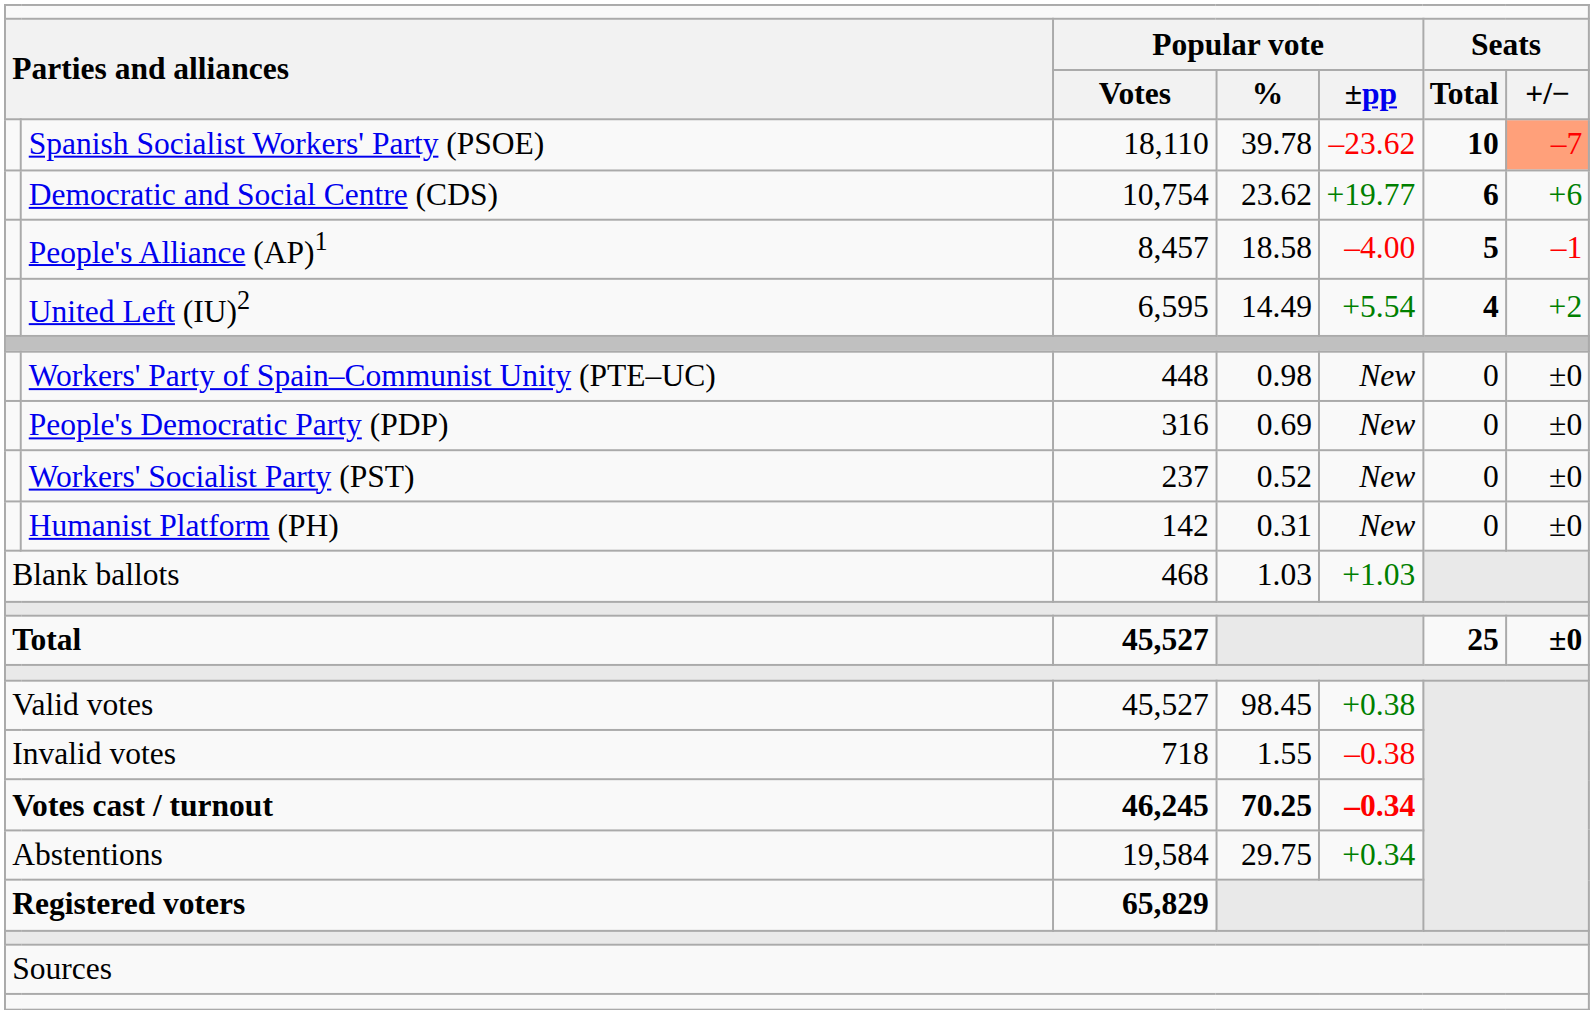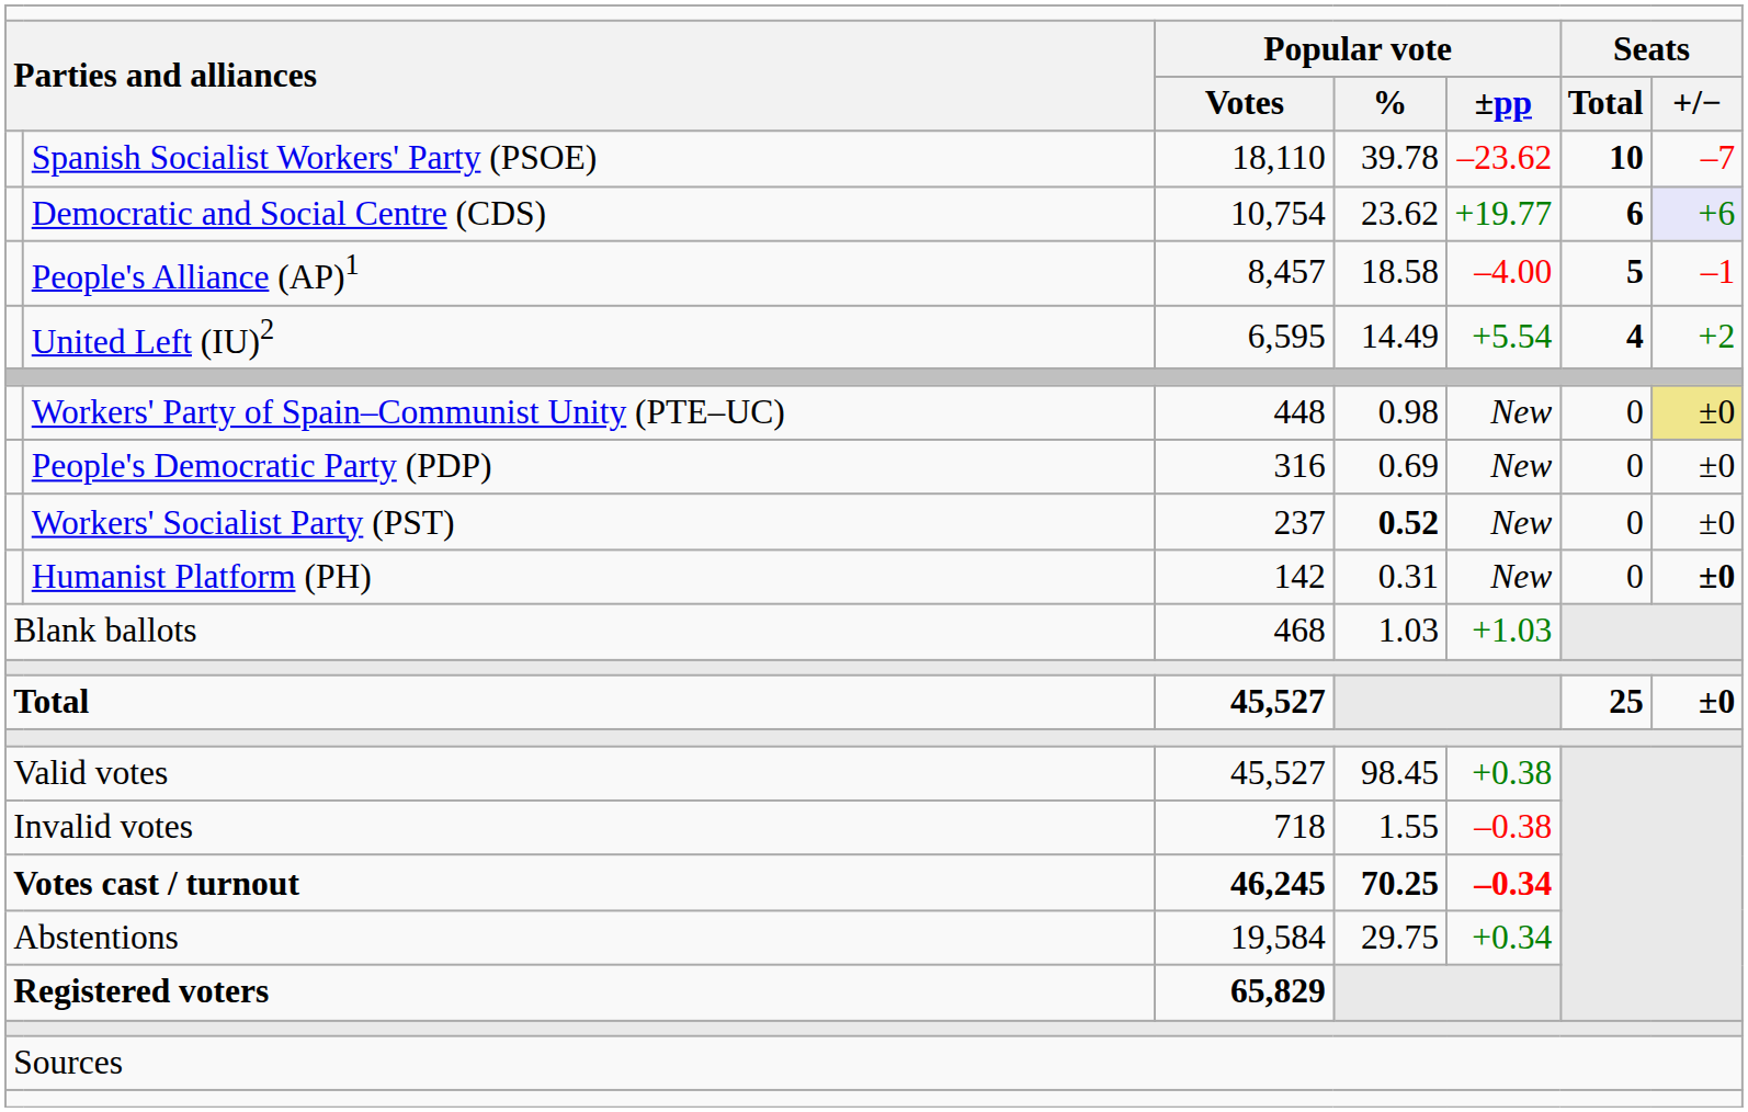 <table class="wikitable" style="text-align:right;">
 <tr>
 <td colspan="7"></td>
 </tr>
 <tr>
 <th style="text-align:left;" rowspan="2" colspan="2" width="525">Parties and alliances</th>
 <th colspan="3">Popular vote</th>
 <th colspan="2">Seats</th>
 </tr>
 <tr>
 <th width="75">Votes</th>
 <th width="45">%</th>
 <th width="45">±<a href='#'>pp</a></th>
 <th width="35">Total</th>
 <th width="35">+/−</th>
 </tr>
 <tr>
 <td width="1" style="color:inherit;background:"></td>
 <td align="left"><a href='#'>Spanish Socialist Workers' Party</a> (PSOE)</td>
 <td>18,110</td>
 <td>39.78</td>
 <td style="color:red;">–23.62</td>
 <td><strong>10</strong></td>
-<td style="background: lightsalmon; color:red;">–7</td>
+<td style="color:red;">–7</td>
 </tr>
 <tr>
 <td style="color:inherit;background:"></td>
 <td align="left"><a href='#'>Democratic and Social Centre</a> (CDS)</td>
 <td>10,754</td>
 <td>23.62</td>
 <td style="color:green;">+19.77</td>
 <td><strong>6</strong></td>
-<td style="color:green;">+6</td>
+<td style="background: lavender; color:green;">+6</td>
 </tr>
 <tr>
 <td style="color:inherit;background:"></td>
 <td align="left"><a href='#'>People's Alliance</a> (AP)<sup>1</sup></td>
 <td>8,457</td>
 <td>18.58</td>
 <td style="color:red;">–4.00</td>
 <td><strong>5</strong></td>
 <td style="color:red;">–1</td>
 </tr>
 <tr>
 <td style="color:inherit;background:"></td>
 <td align="left"><a href='#'>United Left</a> (IU)<sup>2</sup></td>
 <td>6,595</td>
 <td>14.49</td>
 <td style="color:green;">+5.54</td>
 <td><strong>4</strong></td>
 <td style="color:green;">+2</td>
 </tr>
 <tr>
 <td colspan="7" bgcolor="#C0C0C0"></td>
 </tr>
 <tr>
 <td style="color:inherit;background:"></td>
 <td align="left"><a href='#'>Workers' Party of Spain–Communist Unity</a> (PTE–UC)</td>
 <td>448</td>
 <td>0.98</td>
 <td><em>New</em></td>
 <td>0</td>
-<td>±0</td>
+<td style="background: khaki;">±0</td>
 </tr>
 <tr>
 <td style="color:inherit;background:"></td>
 <td align="left"><a href='#'>People's Democratic Party</a> (PDP)</td>
 <td>316</td>
 <td>0.69</td>
 <td><em>New</em></td>
 <td>0</td>
 <td>±0</td>
 </tr>
 <tr>
 <td style="color:inherit;background:"></td>
 <td align="left"><a href='#'>Workers' Socialist Party</a> (PST)</td>
 <td>237</td>
-<td>0.52</td>
+<td><strong>0.52</strong></td>
 <td><em>New</em></td>
 <td>0</td>
 <td>±0</td>
 </tr>
 <tr>
 <td style="color:inherit;background:"></td>
 <td align="left"><a href='#'>Humanist Platform</a> (PH)</td>
 <td>142</td>
 <td>0.31</td>
 <td><em>New</em></td>
 <td>0</td>
-<td>±0</td>
+<td><strong>±0</strong></td>
 </tr>
 <tr>
 <td align="left" colspan="2">Blank ballots</td>
 <td>468</td>
 <td>1.03</td>
 <td style="color:green;">+1.03</td>
 <td bgcolor="#E9E9E9" colspan="2"></td>
 </tr>
 <tr>
 <td colspan="7" bgcolor="#E9E9E9"></td>
 </tr>
 <tr style="font-weight:bold;">
 <td align="left" colspan="2">Total</td>
 <td>45,527</td>
 <td bgcolor="#E9E9E9" colspan="2"></td>
 <td>25</td>
 <td>±0</td>
 </tr>
 <tr>
 <td colspan="7" bgcolor="#E9E9E9"></td>
 </tr>
 <tr>
 <td align="left" colspan="2">Valid votes</td>
 <td>45,527</td>
 <td>98.45</td>
 <td style="color:green;">+0.38</td>
 <td bgcolor="#E9E9E9" colspan="2" rowspan="5"></td>
 </tr>
 <tr>
 <td align="left" colspan="2">Invalid votes</td>
 <td>718</td>
 <td>1.55</td>
 <td style="color:red;">–0.38</td>
 </tr>
 <tr style="font-weight:bold;">
 <td align="left" colspan="2">Votes cast / turnout</td>
 <td>46,245</td>
 <td>70.25</td>
 <td style="color:red;">–0.34</td>
 </tr>
 <tr>
 <td align="left" colspan="2">Abstentions</td>
 <td>19,584</td>
 <td>29.75</td>
 <td style="color:green;">+0.34</td>
 </tr>
 <tr style="font-weight:bold;">
 <td align="left" colspan="2">Registered voters</td>
 <td>65,829</td>
 <td bgcolor="#E9E9E9" colspan="2"></td>
 </tr>
 <tr>
 <td colspan="7" bgcolor="#E9E9E9"></td>
 </tr>
 <tr>
 <td align="left" colspan="7">Sources</td>
 </tr>
 <tr>
 <td colspan="7" style="text-align:left; max-width:790px;"></td>
 </tr>
 </table>
